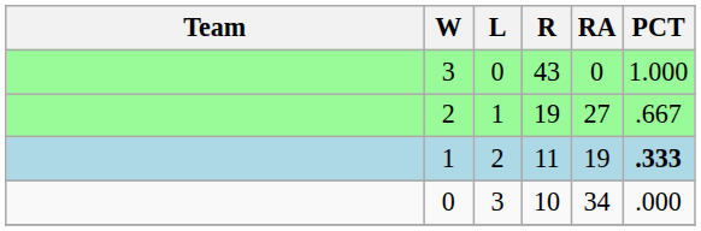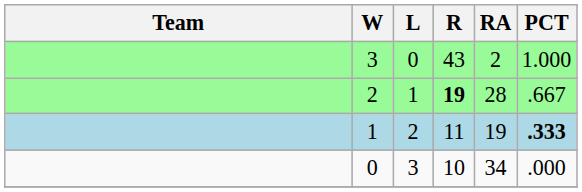 <table class=wikitable style="text-align:center;font-size:90%">
 <tr>
 <th width=220>Team</th>
 <th width=20>W</th>
 <th width=20>L</th>
 <th width=20>R</th>
 <th width=20>RA</th>
 <th width=20>PCT</th>
 </tr>
 <tr bgcolor=#98fb98>
 <td align=left></td>
 <td>3</td>
 <td>0</td>
 <td>43</td>
-<td>0</td>
+<td>2</td>
 <td>1.000</td>
 </tr>
 <tr bgcolor=#98fb98>
 <td align=left></td>
 <td>2</td>
 <td>1</td>
-<td>19</td>
-<td>27</td>
+<td><strong>19</strong></td>
+<td>28</td>
 <td>.667</td>
 </tr>
 <tr bgcolor=lightblue>
 <td align=left></td>
 <td>1</td>
 <td>2</td>
 <td>11</td>
 <td>19</td>
 <td><strong>.333</strong></td>
 </tr>
 <tr>
 <td align=left></td>
 <td>0</td>
 <td>3</td>
 <td>10</td>
 <td>34</td>
 <td>.000</td>
 </tr>
 <tr>
 </tr>
 </table>
